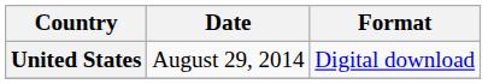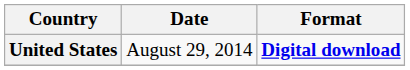 <table class="wikitable plainrowheaders">
 <tr>
 <th scope="col">Country</th>
 <th scope="col">Date</th>
 <th scope="col">Format</th>
 </tr>
 <tr>
 <th scope="row">United States</th>
 <td rowspan="1">August 29, 2014</td>
-<td rowspan="1"><a href='#'>Digital download</a></td>
+<td rowspan="1"><strong><a href='#'>Digital download</a></strong></td>
 </tr>
 <tr>
 </tr>
 </table>
